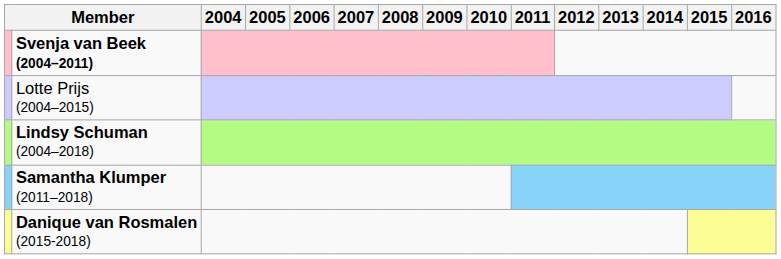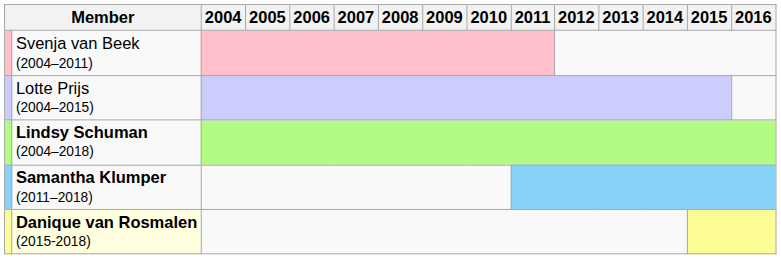 <table class="wikitable">
 <tr>
 <th colspan="2">Member</th>
 <th>2004</th>
 <th>2005</th>
 <th>2006</th>
 <th>2007</th>
 <th>2008</th>
 <th>2009</th>
 <th>2010</th>
 <th>2011</th>
 <th>2012</th>
 <th>2013</th>
 <th>2014</th>
 <th>2015</th>
 <th>2016</th>
 </tr>
 <tr>
 <td style="background:pink"></td>
-<td><strong>Svenja van Beek<br><small>(2004–2011)</small></strong></td>
+<td>Svenja van Beek<br><small>(2004–2011)</small></td>
 <td colspan="8"  style="text-align:center; background:pink"></td>
 <td colspan="5"></td>
 </tr>
 <tr>
 <td style="background:#ccf;"></td>
 <td>Lotte Prijs<br><small>(2004–2015) </small></td>
 <td colspan="12" style="text-align:center; background:#ccf;"></td>
 <td colspan="1"></td>
 </tr>
 <tr>
 <td style="background:#B4FB84"></td>
 <td><strong>Lindsy Schuman</strong><br><small>(2004–2018)</small></td>
 <td colspan="13"  style="text-align:center; background:#b4fb84;"></td>
 </tr>
 <tr>
 <td style="background:#87D3F8"></td>
 <td><strong>Samantha Klumper </strong><br><small>(2011–2018)</small></td>
 <td colspan="7"></td>
 <td colspan="6" style="text-align:center; background:#87D3F8;"></td>
 </tr>
 <tr>
 <td style="background:#FDFD96"></td>
-<td><strong>Danique van Rosmalen</strong><br><small>(2015-2018)</small></td>
+<td style="background: lightyellow;"><strong>Danique van Rosmalen</strong><br><small>(2015-2018)</small></td>
 <td colspan="11"></td>
 <td colspan="2" style="text-align:center; background:#FDFD96;"></td>
 </tr>
 </table>
